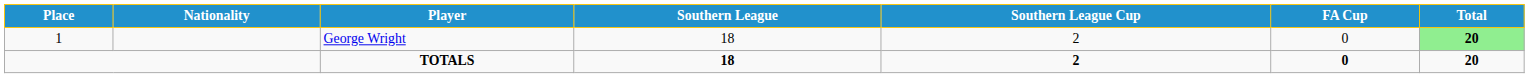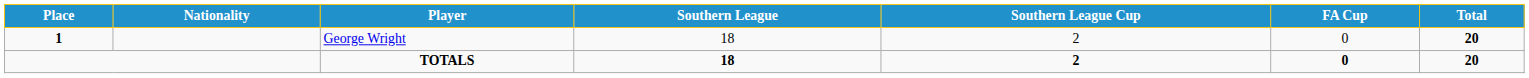 <table class="wikitable" style="text-align:center; font-size:90%; width:100%;">
 <tr>
 <th style="background:#2191CC; color:white; border:1px solid #F7C408; text-align:center;">Place</th>
 <th style="background:#2191CC; color:white; border:1px solid #F7C408; text-align:center;">Nationality</th>
 <th style="background:#2191CC; color:white; border:1px solid #F7C408; text-align:center;">Player</th>
 <th style="background:#2191CC; color:white; border:1px solid #F7C408; text-align:center;">Southern League</th>
 <th style="background:#2191CC; color:white; border:1px solid #F7C408; text-align:center;">Southern League Cup</th>
 <th style="background:#2191CC; color:white; border:1px solid #F7C408; text-align:center;">FA Cup</th>
 <th style="background:#2191CC; color:white; border:1px solid #F7C408; text-align:center;">Total</th>
 </tr>
 <tr>
-<td>1</td>
+<td><strong>1</strong></td>
 <td></td>
 <td align="left"><a href='#'>George Wright</a></td>
 <td>18</td>
 <td>2</td>
 <td>0</td>
-<td style="background: lightgreen;"><strong>20</strong></td>
+<td><strong>20</strong></td>
 </tr>
 <tr>
 <td colspan="2"></td>
 <td><strong>TOTALS</strong></td>
 <td><strong>18</strong></td>
 <td><strong>2</strong></td>
 <td><strong>0</strong></td>
 <td><strong>20</strong></td>
 </tr>
 </table>
